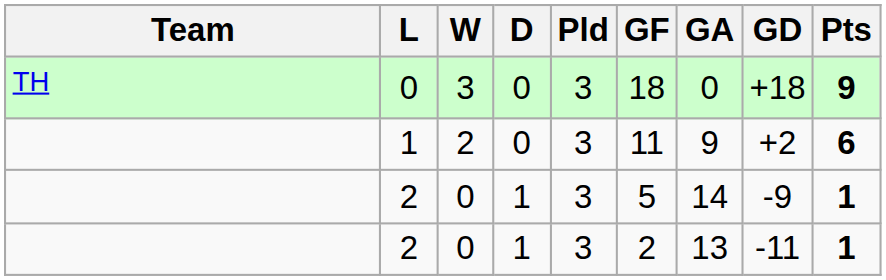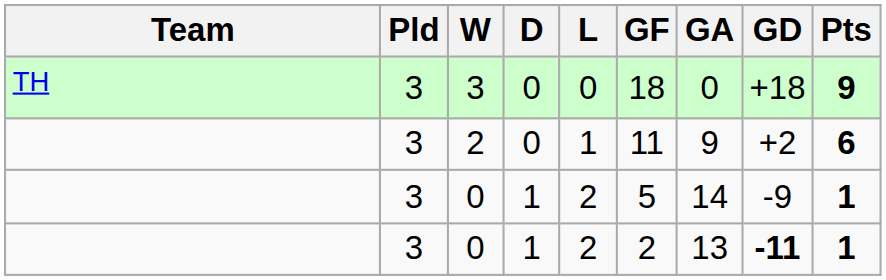 <table class="wikitable" style="text-align: center;">
 <tr>
 <th width="175">Team</th>
-<th width="20">L</th>
+<th width="20">Pld</th>
 <th width="20">W</th>
 <th width="20">D</th>
-<th width="20">Pld</th>
+<th width="20">L</th>
 <th width="20">GF</th>
 <th width="20">GA</th>
 <th width="20">GD</th>
 <th width="20">Pts</th>
 </tr>
 <tr bgcolor="#ccffcc">
 <td style="text-align:left;"><strong></strong> <sup><a href='#'>TH</a></sup></td>
-<td>0</td>
+<td>3</td>
 <td>3</td>
 <td>0</td>
-<td>3</td>
+<td>0</td>
 <td>18</td>
 <td>0</td>
 <td>+18</td>
 <td><strong>9</strong></td>
 </tr>
 <tr align=center>
 <td style="text-align:left;"></td>
-<td>1</td>
+<td>3</td>
 <td>2</td>
 <td>0</td>
-<td>3</td>
+<td>1</td>
 <td>11</td>
 <td>9</td>
 <td>+2</td>
 <td><strong>6</strong></td>
 </tr>
 <tr align=center>
 <td style="text-align:left;"></td>
-<td>2</td>
+<td>3</td>
 <td>0</td>
 <td>1</td>
-<td>3</td>
+<td>2</td>
 <td>5</td>
 <td>14</td>
 <td>-9</td>
 <td><strong>1</strong></td>
 </tr>
 <tr align=center>
 <td style="text-align:left;"></td>
-<td>2</td>
+<td>3</td>
 <td>0</td>
 <td>1</td>
-<td>3</td>
+<td>2</td>
 <td>2</td>
 <td>13</td>
-<td>-11</td>
+<td><strong>-11</strong></td>
 <td><strong>1</strong></td>
 </tr>
 </table>
